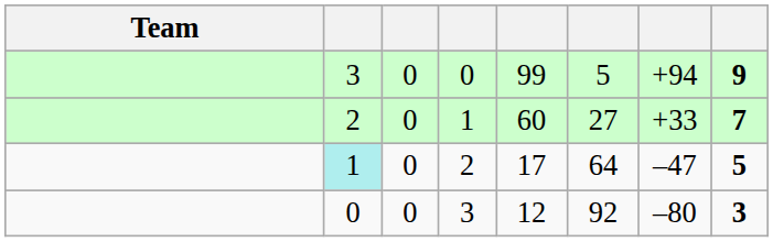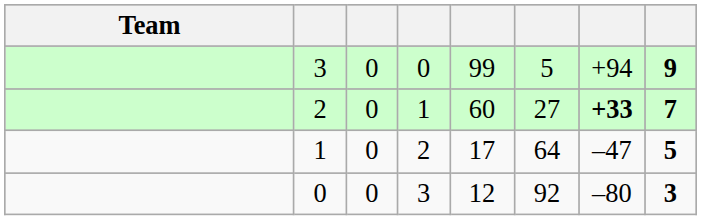 <table class="wikitable" style="text-align:center;">
 <tr>
 <th style="width:10.5em;">Team</th>
 <th style="width:1.5em;"></th>
 <th style="width:1.5em;"></th>
 <th style="width:1.5em;"></th>
 <th style="width:2.0em;"></th>
 <th style="width:2.0em;"></th>
 <th style="width:2.0em;"></th>
 <th style="width:1.5em;"></th>
 </tr>
 <tr bgcolor="#cfc">
 <td align="left"></td>
 <td>3</td>
 <td>0</td>
 <td>0</td>
 <td>99</td>
 <td>5</td>
 <td>+94</td>
 <td><strong>9</strong></td>
 </tr>
 <tr bgcolor="#cfc">
 <td align="left"></td>
 <td>2</td>
 <td>0</td>
 <td>1</td>
 <td>60</td>
 <td>27</td>
-<td>+33</td>
+<td><strong>+33</strong></td>
 <td><strong>7</strong></td>
 </tr>
 <tr>
 <td align="left"></td>
-<td style="background: paleturquoise;">1</td>
+<td>1</td>
 <td>0</td>
 <td>2</td>
 <td>17</td>
 <td>64</td>
 <td>–47</td>
 <td><strong>5</strong></td>
 </tr>
 <tr>
 <td align="left"></td>
 <td>0</td>
 <td>0</td>
 <td>3</td>
 <td>12</td>
 <td>92</td>
 <td>–80</td>
 <td><strong>3</strong></td>
 </tr>
 </table>
